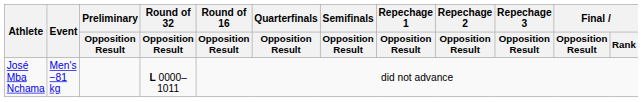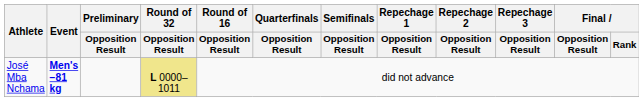 <table class="wikitable" style="font-size:90%">
 <tr>
 <th rowspan="2">Athlete</th>
 <th rowspan="2">Event</th>
 <th>Preliminary</th>
 <th>Round of 32</th>
 <th>Round of 16</th>
 <th>Quarterfinals</th>
 <th>Semifinals</th>
 <th>Repechage 1</th>
 <th>Repechage 2</th>
 <th>Repechage 3</th>
 <th colspan=2>Final / </th>
 </tr>
 <tr style="font-size:95%">
 <th>Opposition<br>Result</th>
 <th>Opposition<br>Result</th>
 <th>Opposition<br>Result</th>
 <th>Opposition<br>Result</th>
 <th>Opposition<br>Result</th>
 <th>Opposition<br>Result</th>
 <th>Opposition<br>Result</th>
 <th>Opposition<br>Result</th>
 <th>Opposition<br>Result</th>
 <th>Rank</th>
 </tr>
 <tr align=center>
 <td align=left><a href='#'>José Mba Nchama</a></td>
-<td align=left><a href='#'>Men's −81 kg</a></td>
+<td align=left><strong><a href='#'>Men's −81 kg</a></strong></td>
 <td></td>
-<td><br><strong>L</strong> 0000–1011</td>
+<td style="background: khaki;"><br><strong>L</strong> 0000–1011</td>
 <td colspan=8>did not advance</td>
 </tr>
 </table>
